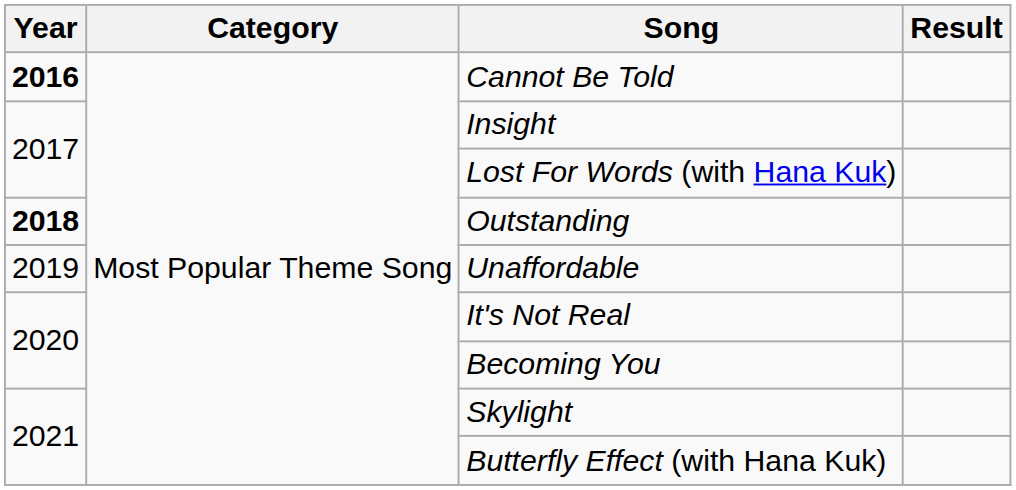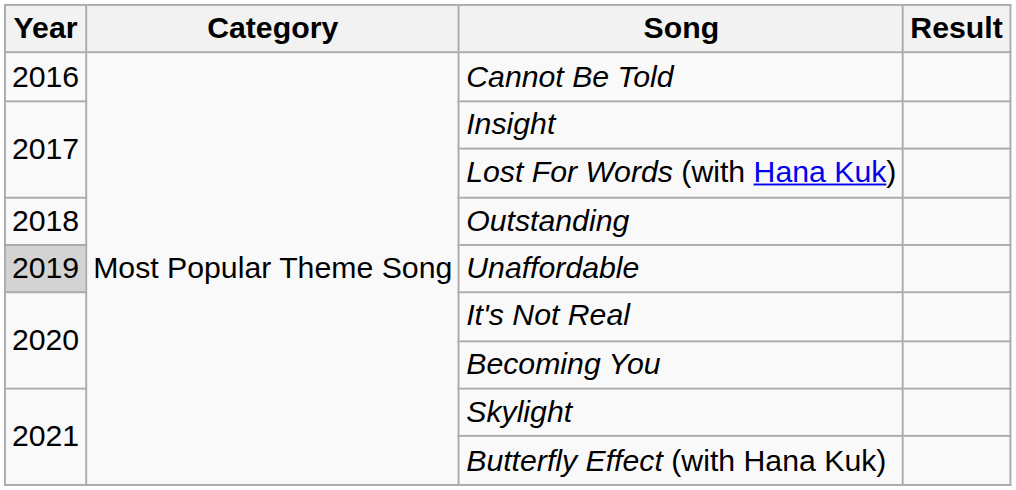 <table class="wikitable sortable">
 <tr>
 <th>Year</th>
 <th>Category</th>
 <th>Song</th>
 <th>Result</th>
 </tr>
 <tr>
-<td><strong>2016</strong></td>
+<td>2016</td>
 <td rowspan=9>Most Popular Theme Song</td>
 <td><em>Cannot Be Told</em></td>
 <td></td>
 </tr>
 <tr>
 <td rowspan=2>2017</td>
 <td><em>Insight</em></td>
 <td></td>
 </tr>
 <tr>
 <td><em>Lost For Words</em> (with <a href='#'>Hana Kuk</a>)</td>
 <td></td>
 </tr>
 <tr>
-<td><strong>2018</strong></td>
+<td>2018</td>
 <td><em>Outstanding</em></td>
 <td></td>
 </tr>
 <tr>
-<td>2019</td>
+<td style="background: lightgrey;">2019</td>
 <td><em>Unaffordable</em></td>
 <td></td>
 </tr>
 <tr>
 <td rowspan=2>2020</td>
 <td><em>It's Not Real</em></td>
 <td></td>
 </tr>
 <tr>
 <td><em>Becoming You</em></td>
 <td></td>
 </tr>
 <tr>
 <td rowspan=2>2021</td>
 <td><em>Skylight</em></td>
 <td></td>
 </tr>
 <tr>
 <td><em>Butterfly Effect</em> (with Hana Kuk)</td>
 <td></td>
 </tr>
 </table>
